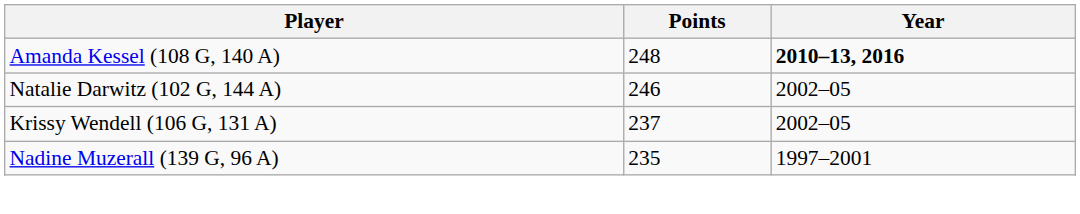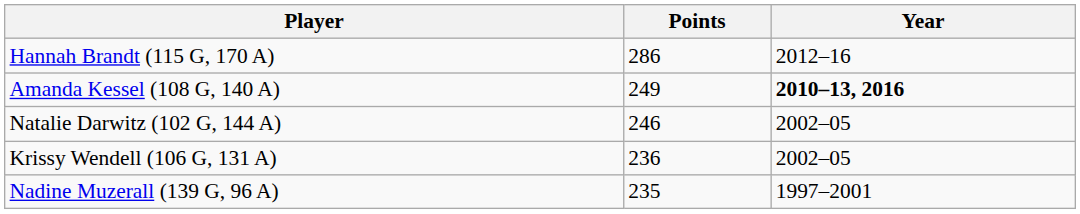 <table class="wikitable" style="width: 50em">
 <tr>
 <th>Player</th>
 <th>Points</th>
 <th>Year</th>
 </tr>
 <tr>
+<td><a href='#'>Hannah Brandt</a> (115 G, 170 A)</td>
+<td>286</td>
+<td>2012–16</td>
+</tr>
+<tr>
 <td><a href='#'>Amanda Kessel</a> (108 G, 140 A)</td>
-<td>248</td>
+<td>249</td>
 <td><strong>2010–13, 2016</strong></td>
 </tr>
 <tr>
 <td>Natalie Darwitz (102 G, 144 A)</td>
 <td>246</td>
 <td>2002–05</td>
 </tr>
 <tr>
 <td>Krissy Wendell (106 G, 131 A)</td>
-<td>237</td>
+<td>236</td>
 <td>2002–05</td>
 </tr>
 <tr>
 <td><a href='#'>Nadine Muzerall</a> (139 G, 96 A)</td>
 <td>235</td>
 <td>1997–2001</td>
 </tr>
 </table>
